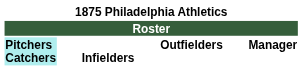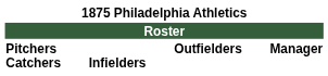 <table class="toccolours" style="font-size: 95%;">
 <tr>
 <th colspan="10" style="background-color: white; text-align: center;">1875 Philadelphia Athletics</th>
 </tr>
 <tr>
 <td colspan="10" style="background-color: #355E3B; color: white; text-align: center;"><strong>Roster</strong></td>
 </tr>
 <tr>
-<td valign="top" style="background: paleturquoise;"><strong>Pitchers</strong><br>  <strong>Catchers</strong>  </td>
+<td valign="top"><strong>Pitchers</strong><br>  <strong>Catchers</strong>  </td>
 <td width="25px"></td>
 <td valign="top"><br><strong>Infielders</strong>      </td>
 <td width="25px"></td>
 <td valign="top"><strong>Outfielders</strong><br>     </td>
 <td width="25px"></td>
 <td valign="top"><strong>Manager</strong><br> </td>
 </tr>
 <tr>
 </tr>
 </table>
